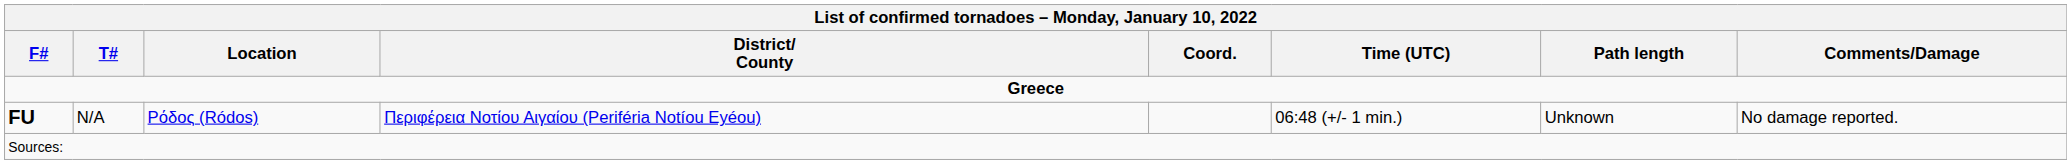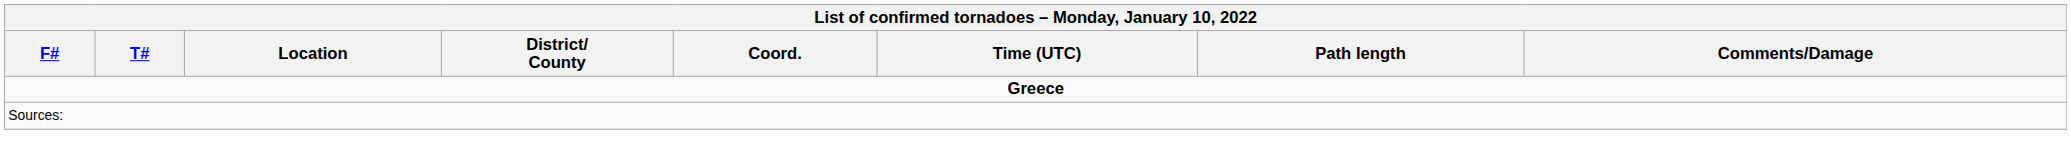 <table class="wikitable collapsible" width="100%">
 <tr>
 <th colspan="8">List of confirmed tornadoes – Monday, January 10, 2022</th>
 </tr>
 <tr>
 <th><a href='#'>F#</a></th>
 <th><a href='#'>T#</a></th>
 <th>Location</th>
 <th>District/<br>County</th>
 <th>Coord.</th>
 <th>Time (UTC)</th>
 <th>Path length</th>
 <th>Comments/Damage</th>
 </tr>
 <tr>
 <td colspan="8" align=center><strong>Greece</strong></td>
 </tr>
 <tr>
-<td><big><strong>FU</strong></big></td>
-<td>N/A</td>
-<td><a href='#'>Ρόδος (Ródos)</a></td>
-<td><a href='#'>Περιφέρεια Νοτίου Αιγαίου (Periféria Notíou Eyéou)</a></td>
-<td></td>
-<td>06:48 (+/- 1 min.)</td>
-<td>Unknown</td>
-<td>No damage reported.</td>
-</tr>
-<tr>
 <td colspan="8"><small>Sources:  </small></td>
 </tr>
 </table>
